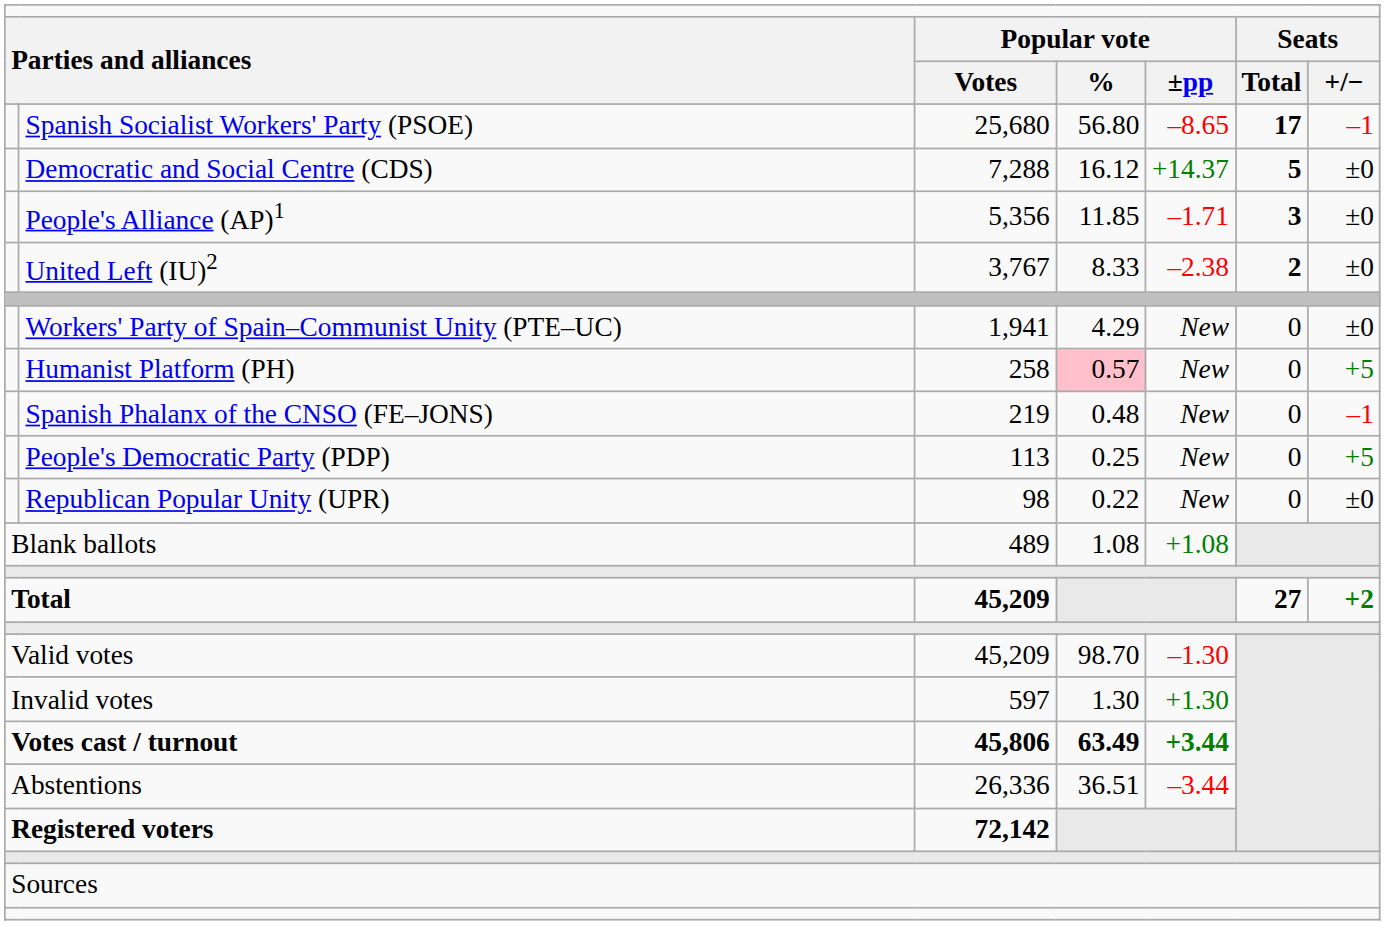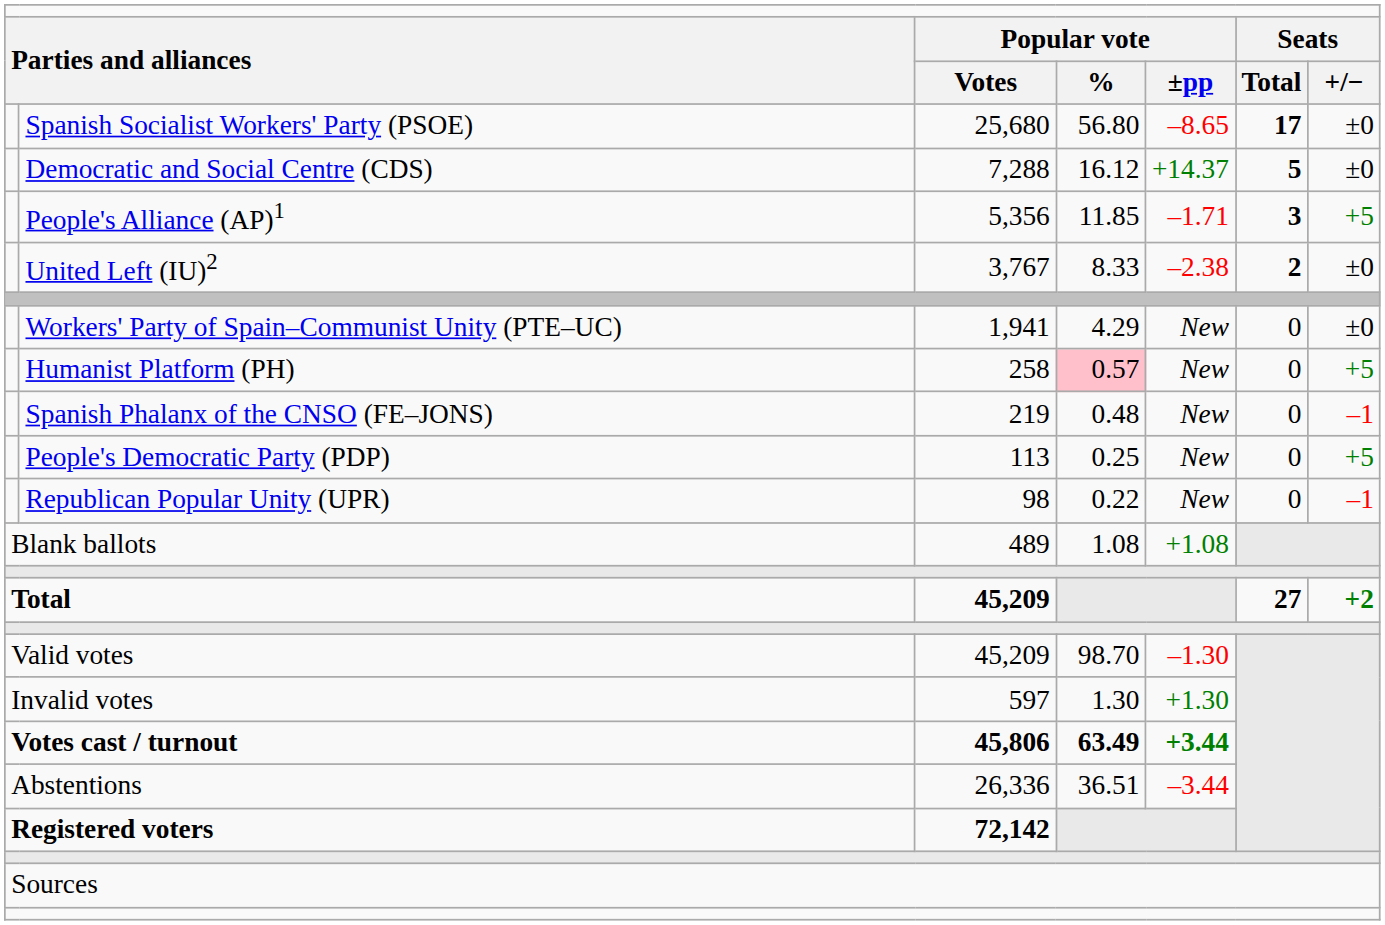 <table class="wikitable" style="text-align:right;">
 <tr>
 <td colspan="7"></td>
 </tr>
 <tr>
 <th style="text-align:left;" rowspan="2" colspan="2" width="525">Parties and alliances</th>
 <th colspan="3">Popular vote</th>
 <th colspan="2">Seats</th>
 </tr>
 <tr>
 <th width="75">Votes</th>
 <th width="45">%</th>
 <th width="45">±<a href='#'>pp</a></th>
 <th width="35">Total</th>
 <th width="35">+/−</th>
 </tr>
 <tr>
 <td width="1" style="color:inherit;background:"></td>
 <td align="left"><a href='#'>Spanish Socialist Workers' Party</a> (PSOE)</td>
 <td>25,680</td>
 <td>56.80</td>
 <td style="color:red;">–8.65</td>
 <td><strong>17</strong></td>
-<td style="color:red;">–1</td>
+<td>±0</td>
 </tr>
 <tr>
 <td style="color:inherit;background:"></td>
 <td align="left"><a href='#'>Democratic and Social Centre</a> (CDS)</td>
 <td>7,288</td>
 <td>16.12</td>
 <td style="color:green;">+14.37</td>
 <td><strong>5</strong></td>
 <td>±0</td>
 </tr>
 <tr>
 <td style="color:inherit;background:"></td>
 <td align="left"><a href='#'>People's Alliance</a> (AP)<sup>1</sup></td>
 <td>5,356</td>
 <td>11.85</td>
 <td style="color:red;">–1.71</td>
 <td><strong>3</strong></td>
-<td>±0</td>
+<td style="color:green;">+5</td>
 </tr>
 <tr>
 <td style="color:inherit;background:"></td>
 <td align="left"><a href='#'>United Left</a> (IU)<sup>2</sup></td>
 <td>3,767</td>
 <td>8.33</td>
 <td style="color:red;">–2.38</td>
 <td><strong>2</strong></td>
 <td>±0</td>
 </tr>
 <tr>
 <td colspan="7" bgcolor="#C0C0C0"></td>
 </tr>
 <tr>
 <td style="color:inherit;background:"></td>
 <td align="left"><a href='#'>Workers' Party of Spain–Communist Unity</a> (PTE–UC)</td>
 <td>1,941</td>
 <td>4.29</td>
 <td><em>New</em></td>
 <td>0</td>
 <td>±0</td>
 </tr>
 <tr>
 <td style="color:inherit;background:"></td>
 <td align="left"><a href='#'>Humanist Platform</a> (PH)</td>
 <td>258</td>
 <td style="background: pink;">0.57</td>
 <td><em>New</em></td>
 <td>0</td>
 <td style="color:green;">+5</td>
 </tr>
 <tr>
 <td style="color:inherit;background:"></td>
 <td align="left"><a href='#'>Spanish Phalanx of the CNSO</a> (FE–JONS)</td>
 <td>219</td>
 <td>0.48</td>
 <td><em>New</em></td>
 <td>0</td>
 <td style="color:red;">–1</td>
 </tr>
 <tr>
 <td style="color:inherit;background:"></td>
 <td align="left"><a href='#'>People's Democratic Party</a> (PDP)</td>
 <td>113</td>
 <td>0.25</td>
 <td><em>New</em></td>
 <td>0</td>
 <td style="color:green;">+5</td>
 </tr>
 <tr>
 <td style="color:inherit;background:"></td>
 <td align="left"><a href='#'>Republican Popular Unity</a> (UPR)</td>
 <td>98</td>
 <td>0.22</td>
 <td><em>New</em></td>
 <td>0</td>
-<td>±0</td>
+<td style="color:red;">–1</td>
 </tr>
 <tr>
 <td align="left" colspan="2">Blank ballots</td>
 <td>489</td>
 <td>1.08</td>
 <td style="color:green;">+1.08</td>
 <td bgcolor="#E9E9E9" colspan="2"></td>
 </tr>
 <tr>
 <td colspan="7" bgcolor="#E9E9E9"></td>
 </tr>
 <tr style="font-weight:bold;">
 <td align="left" colspan="2">Total</td>
 <td>45,209</td>
 <td bgcolor="#E9E9E9" colspan="2"></td>
 <td>27</td>
 <td style="color:green;">+2</td>
 </tr>
 <tr>
 <td colspan="7" bgcolor="#E9E9E9"></td>
 </tr>
 <tr>
 <td align="left" colspan="2">Valid votes</td>
 <td>45,209</td>
 <td>98.70</td>
 <td style="color:red;">–1.30</td>
 <td bgcolor="#E9E9E9" colspan="2" rowspan="5"></td>
 </tr>
 <tr>
 <td align="left" colspan="2">Invalid votes</td>
 <td>597</td>
 <td>1.30</td>
 <td style="color:green;">+1.30</td>
 </tr>
 <tr style="font-weight:bold;">
 <td align="left" colspan="2">Votes cast / turnout</td>
 <td>45,806</td>
 <td>63.49</td>
 <td style="color:green;">+3.44</td>
 </tr>
 <tr>
 <td align="left" colspan="2">Abstentions</td>
 <td>26,336</td>
 <td>36.51</td>
 <td style="color:red;">–3.44</td>
 </tr>
 <tr style="font-weight:bold;">
 <td align="left" colspan="2">Registered voters</td>
 <td>72,142</td>
 <td bgcolor="#E9E9E9" colspan="2"></td>
 </tr>
 <tr>
 <td colspan="7" bgcolor="#E9E9E9"></td>
 </tr>
 <tr>
 <td align="left" colspan="7">Sources</td>
 </tr>
 <tr>
 <td colspan="7" style="text-align:left; max-width:790px;"></td>
 </tr>
 </table>
